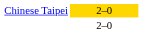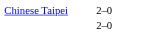 <table style="text-align:center">
 <tr>
 <th width=200></th>
 <th width=100></th>
 <th width=200></th>
 </tr>
 <tr>
 <td align=right><a href='#'>Chinese Taipei</a> </td>
-<td style="background: gold;">2–0</td>
+<td>2–0</td>
 <td align=left></td>
 </tr>
 <tr>
 <td align=right></td>
 <td>2–0</td>
 <td align=left></td>
 </tr>
 </table>
